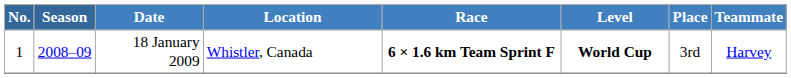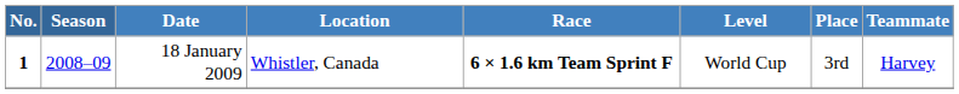 <table class="wikitable sortable" style="font-size:95%; text-align:center; border:grey solid 1px; border-collapse:collapse; background:#ffffff;">
 <tr style="background:#efefef;">
 <th style="background-color:#369; color:white;">No.</th>
 <th style="background-color:#369; color:white;">Season</th>
 <th style="background-color:#4180be; color:white; width:100px;">Date</th>
 <th style="background-color:#4180be; color:white; width:170px;">Location</th>
 <th style="background-color:#4180be; color:white; width:170px;">Race</th>
 <th style="background-color:#4180be; color:white; width:100px;">Level</th>
 <th style="background-color:#4180be; color:white;">Place</th>
 <th style="background-color:#4180be; color:white;">Teammate</th>
 </tr>
 <tr>
-<td align=center>1</td>
+<td align=center><strong>1</strong></td>
 <td rowspan=1 align=center><a href='#'>2008–09</a></td>
 <td align=right>18 January 2009</td>
 <td align=left> <a href='#'>Whistler</a>, Canada</td>
 <td><strong>6 × 1.6 km Team Sprint F</strong></td>
-<td><strong>World Cup</strong></td>
+<td>World Cup</td>
 <td>3rd</td>
 <td><a href='#'>Harvey</a></td>
 </tr>
 <tr>
 </tr>
 </table>
